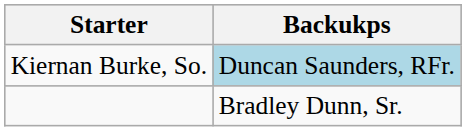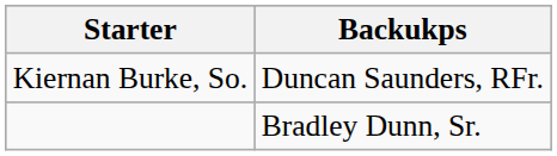 <table class="wikitable">
 <tr>
 <th>Starter</th>
 <th>Backukps</th>
 </tr>
 <tr>
 <td>Kiernan Burke, So.</td>
-<td style="background: lightblue;">Duncan Saunders, RFr.</td>
+<td>Duncan Saunders, RFr.</td>
 </tr>
 <tr>
 <td></td>
 <td>Bradley Dunn, Sr.</td>
 </tr>
 </table>
